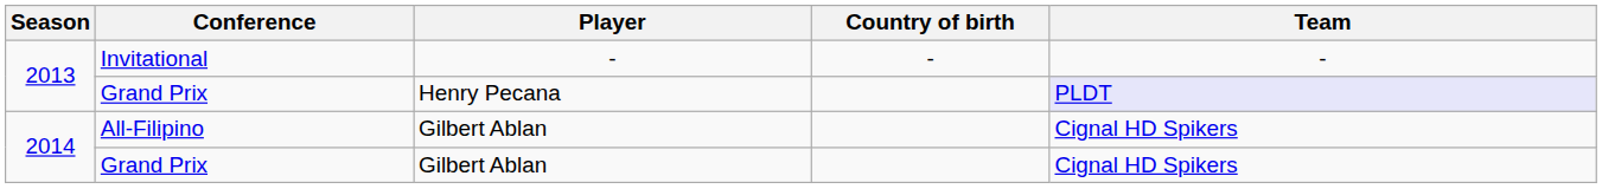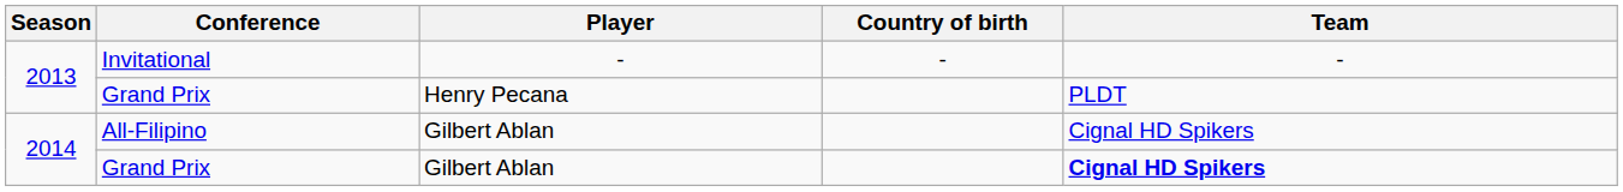 <table class="wikitable plainrowheaders sortable" width="90%" summary="Season (sortable), Player (sortable), Position (sortable), Nationality (sortable) and Team (sortable)">
 <tr>
 <th scope="col" width="5%">Season</th>
 <th scope="col" width="20%">Conference</th>
 <th scope="col" width="25%">Player</th>
 <th scope="col" width="15%">Country of birth</th>
 <th scope="col">Team</th>
 </tr>
 <tr>
 <td rowspan="2" align=center><a href='#'>2013</a></td>
 <td><a href='#'>Invitational</a></td>
 <td align=center>-</td>
 <td align=center>-</td>
 <td align=center>-</td>
 </tr>
 <tr>
 <td><a href='#'>Grand Prix</a></td>
 <td>Henry Pecana</td>
 <td></td>
-<td style="background: lavender;"><a href='#'>PLDT</a></td>
+<td><a href='#'>PLDT</a></td>
 </tr>
 <tr>
 <td rowspan="2" align=center><a href='#'>2014</a></td>
 <td><a href='#'>All-Filipino</a></td>
 <td>Gilbert Ablan</td>
 <td></td>
 <td><a href='#'>Cignal HD Spikers</a></td>
 </tr>
 <tr>
 <td><a href='#'>Grand Prix</a></td>
 <td>Gilbert Ablan</td>
 <td></td>
-<td><a href='#'>Cignal HD Spikers</a></td>
+<td><strong><a href='#'>Cignal HD Spikers</a></strong></td>
 </tr>
 </table>
